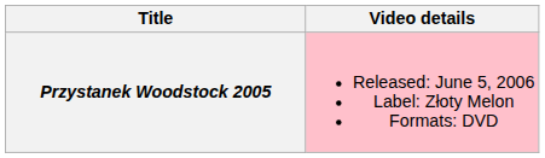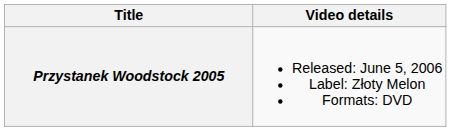 <table class="wikitable plainrowheaders" style="text-align:center;">
 <tr>
 <th scope="col" style="width:17em;">Title</th>
 <th scope="col">Video details</th>
 </tr>
 <tr>
 <th scope="row"><em>Przystanek Woodstock 2005</em></th>
-<td style="background: pink;"><br><ul><li>Released: June 5, 2006</li><li>Label: Złoty Melon</li><li>Formats: DVD</li></ul></td>
+<td><br><ul><li>Released: June 5, 2006</li><li>Label: Złoty Melon</li><li>Formats: DVD</li></ul></td>
 </tr>
 </table>
